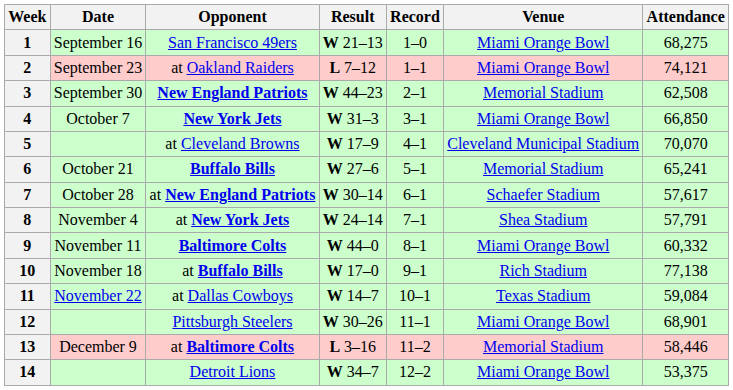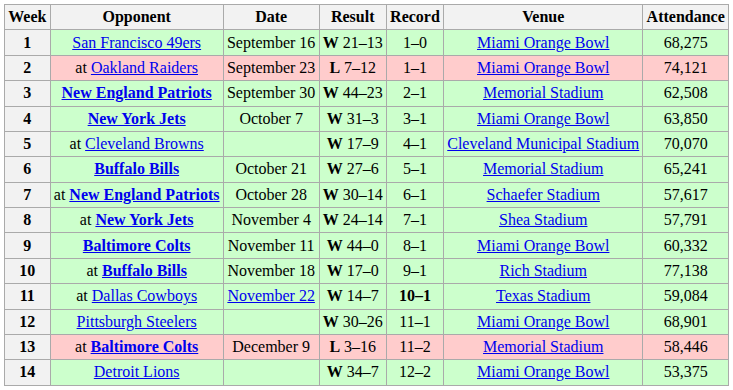 <table class="wikitable" style="text-align:center">
 <tr>
 <th>Week</th>
+<th>Opponent</th>
 <th>Date</th>
-<th>Opponent</th>
 <th>Result</th>
 <th>Record</th>
 <th>Venue</th>
 <th>Attendance</th>
 </tr>
 <tr style="background:#cfc">
 <th>1</th>
+<td><a href='#'>San Francisco 49ers</a></td>
 <td>September 16</td>
-<td><a href='#'>San Francisco 49ers</a></td>
 <td><strong>W</strong> 21–13</td>
 <td>1–0</td>
 <td><a href='#'>Miami Orange Bowl</a></td>
 <td>68,275</td>
 </tr>
 <tr style="background:#fcc">
 <th>2</th>
+<td>at <a href='#'>Oakland Raiders</a></td>
 <td>September 23</td>
-<td>at <a href='#'>Oakland Raiders</a></td>
 <td><strong>L</strong> 7–12</td>
 <td>1–1</td>
 <td><a href='#'>Miami Orange Bowl</a></td>
 <td>74,121</td>
 </tr>
 <tr style="background:#cfc">
 <th>3</th>
+<td><strong><a href='#'>New England Patriots</a></strong></td>
 <td>September 30</td>
-<td><strong><a href='#'>New England Patriots</a></strong></td>
 <td><strong>W</strong> 44–23</td>
 <td>2–1</td>
 <td><a href='#'>Memorial Stadium</a></td>
 <td>62,508</td>
 </tr>
 <tr style="background:#cfc">
 <th>4</th>
+<td><strong><a href='#'>New York Jets</a></strong></td>
 <td>October 7</td>
-<td><strong><a href='#'>New York Jets</a></strong></td>
 <td><strong>W</strong> 31–3</td>
 <td>3–1</td>
 <td><a href='#'>Miami Orange Bowl</a></td>
-<td>66,850</td>
+<td>63,850</td>
 </tr>
 <tr style="background:#cfc">
 <th>5</th>
+<td>at <a href='#'>Cleveland Browns</a></td>
 <td></td>
-<td>at <a href='#'>Cleveland Browns</a></td>
 <td><strong>W</strong> 17–9</td>
 <td>4–1</td>
 <td><a href='#'>Cleveland Municipal Stadium</a></td>
 <td>70,070</td>
 </tr>
 <tr style="background:#cfc">
 <th>6</th>
+<td><strong><a href='#'>Buffalo Bills</a></strong></td>
 <td>October 21</td>
-<td><strong><a href='#'>Buffalo Bills</a></strong></td>
 <td><strong>W</strong> 27–6</td>
 <td>5–1</td>
 <td><a href='#'>Memorial Stadium</a></td>
 <td>65,241</td>
 </tr>
 <tr style="background:#cfc">
 <th>7</th>
+<td>at <strong><a href='#'>New England Patriots</a></strong></td>
 <td>October 28</td>
-<td>at <strong><a href='#'>New England Patriots</a></strong></td>
 <td><strong>W</strong> 30–14</td>
 <td>6–1</td>
 <td><a href='#'>Schaefer Stadium</a></td>
 <td>57,617</td>
 </tr>
 <tr style="background:#cfc">
 <th>8</th>
+<td>at <strong><a href='#'>New York Jets</a></strong></td>
 <td>November 4</td>
-<td>at <strong><a href='#'>New York Jets</a></strong></td>
 <td><strong>W</strong> 24–14</td>
 <td>7–1</td>
 <td><a href='#'>Shea Stadium</a></td>
 <td>57,791</td>
 </tr>
 <tr style="background:#cfc">
 <th>9</th>
+<td><strong><a href='#'>Baltimore Colts</a></strong></td>
 <td>November 11</td>
-<td><strong><a href='#'>Baltimore Colts</a></strong></td>
 <td><strong>W</strong> 44–0</td>
 <td>8–1</td>
 <td><a href='#'>Miami Orange Bowl</a></td>
 <td>60,332</td>
 </tr>
 <tr style="background:#cfc">
 <th>10</th>
+<td>at <strong><a href='#'>Buffalo Bills</a></strong></td>
 <td>November 18</td>
-<td>at <strong><a href='#'>Buffalo Bills</a></strong></td>
 <td><strong>W</strong> 17–0</td>
 <td>9–1</td>
 <td><a href='#'>Rich Stadium</a></td>
 <td>77,138</td>
 </tr>
 <tr style="background:#cfc">
 <th>11</th>
+<td>at <a href='#'>Dallas Cowboys</a></td>
 <td><a href='#'>November 22</a></td>
-<td>at <a href='#'>Dallas Cowboys</a></td>
 <td><strong>W</strong> 14–7</td>
-<td>10–1</td>
+<td><strong>10–1</strong></td>
 <td><a href='#'>Texas Stadium</a></td>
 <td>59,084</td>
 </tr>
 <tr style="background:#cfc">
 <th>12</th>
+<td><a href='#'>Pittsburgh Steelers</a></td>
 <td></td>
-<td><a href='#'>Pittsburgh Steelers</a></td>
 <td><strong>W</strong> 30–26</td>
 <td>11–1</td>
 <td><a href='#'>Miami Orange Bowl</a></td>
 <td>68,901</td>
 </tr>
 <tr style="background:#fcc">
 <th>13</th>
+<td>at <strong><a href='#'>Baltimore Colts</a></strong></td>
 <td>December 9</td>
-<td>at <strong><a href='#'>Baltimore Colts</a></strong></td>
 <td><strong>L</strong> 3–16</td>
 <td>11–2</td>
 <td><a href='#'>Memorial Stadium</a></td>
 <td>58,446</td>
 </tr>
 <tr style="background:#cfc">
 <th>14</th>
+<td><a href='#'>Detroit Lions</a></td>
 <td></td>
-<td><a href='#'>Detroit Lions</a></td>
 <td><strong>W</strong> 34–7</td>
 <td>12–2</td>
 <td><a href='#'>Miami Orange Bowl</a></td>
 <td>53,375</td>
 </tr>
 </table>
